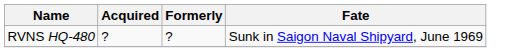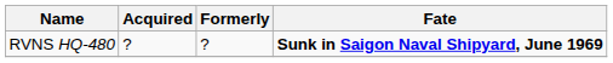 <table class="wikitable" style="font-size:95%;">
 <tr>
 <th>Name</th>
 <th>Acquired</th>
 <th>Formerly</th>
 <th>Fate</th>
 </tr>
 <tr>
 <td>RVNS <em>HQ-480</em></td>
 <td>?</td>
 <td>?</td>
-<td>Sunk in <a href='#'>Saigon Naval Shipyard</a>, June 1969</td>
+<td><strong>Sunk in <a href='#'>Saigon Naval Shipyard</a>, June 1969</strong></td>
 </tr>
 <tr>
 </tr>
 </table>
